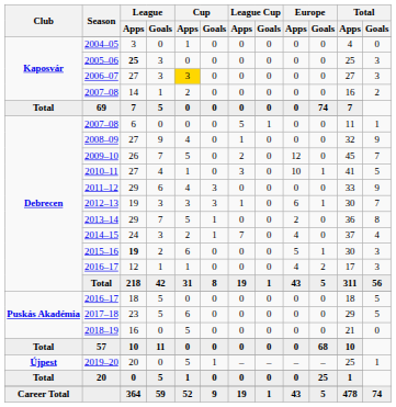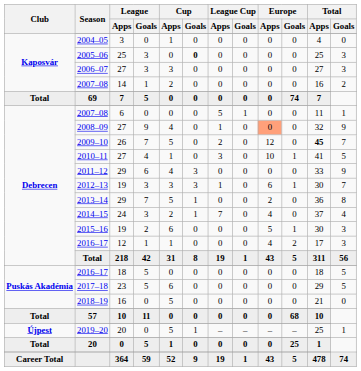 <table class="wikitable" style="font-size:90%; text-align: center;">
 <tr>
 <th rowspan="2">Club</th>
 <th rowspan="2">Season</th>
 <th colspan="2">League</th>
 <th colspan="2">Cup</th>
 <th colspan="2">League Cup</th>
 <th colspan="2">Europe</th>
 <th colspan="2">Total</th>
 </tr>
 <tr>
 <th>Apps</th>
 <th>Goals</th>
 <th>Apps</th>
 <th>Goals</th>
 <th>Apps</th>
 <th>Goals</th>
 <th>Apps</th>
 <th>Goals</th>
 <th>Apps</th>
 <th>Goals</th>
 </tr>
 <tr ||-||-||-|->
 <td rowspan="6" valign="center"><strong><a href='#'>Kaposvár</a></strong></td>
 </tr>
 <tr>
 <td><a href='#'>2004–05</a></td>
 <td>3</td>
 <td>0</td>
 <td>1</td>
 <td>0</td>
 <td>0</td>
 <td>0</td>
 <td>0</td>
 <td>0</td>
 <td>4</td>
 <td>0</td>
 </tr>
 <tr>
 <td><a href='#'>2005–06</a></td>
-<td><strong>25</strong></td>
+<td>25</td>
 <td>3</td>
 <td>0</td>
-<td>0</td>
+<td><strong>0</strong></td>
 <td>0</td>
 <td>0</td>
 <td>0</td>
 <td>0</td>
 <td>25</td>
 <td>3</td>
 </tr>
 <tr>
 <td><a href='#'>2006–07</a></td>
 <td>27</td>
 <td>3</td>
-<td style="background: gold;">3</td>
+<td>3</td>
 <td>0</td>
 <td>0</td>
 <td>0</td>
 <td>0</td>
 <td>0</td>
 <td>27</td>
 <td>3</td>
 </tr>
 <tr>
 <td><a href='#'>2007–08</a></td>
 <td>14</td>
 <td>1</td>
 <td>2</td>
 <td>0</td>
 <td>0</td>
 <td>0</td>
 <td>0</td>
 <td>0</td>
 <td>16</td>
 <td>2</td>
 </tr>
 <tr>
 </tr>
 <tr style="font-weight:bold; background-color:#eeeeee;">
 <td>Total</td>
 <td>69</td>
 <td>7</td>
 <td>5</td>
 <td>0</td>
 <td>0</td>
 <td>0</td>
 <td>0</td>
 <td>0</td>
 <td>74</td>
 <td>7</td>
 </tr>
 <tr>
 <td rowspan="12" valign="center"><strong><a href='#'>Debrecen</a></strong></td>
 </tr>
 <tr>
 <td><a href='#'>2007–08</a></td>
 <td>6</td>
 <td>0</td>
 <td>0</td>
 <td>0</td>
 <td>5</td>
 <td>1</td>
 <td>0</td>
 <td>0</td>
 <td>11</td>
 <td>1</td>
 </tr>
 <tr>
 <td><a href='#'>2008–09</a></td>
 <td>27</td>
 <td>9</td>
 <td>4</td>
 <td>0</td>
 <td>1</td>
 <td>0</td>
-<td>0</td>
+<td style="background: lightsalmon;">0</td>
 <td>0</td>
 <td>32</td>
 <td>9</td>
 </tr>
 <tr>
 <td><a href='#'>2009–10</a></td>
 <td>26</td>
 <td>7</td>
 <td>5</td>
 <td>0</td>
 <td>2</td>
 <td>0</td>
 <td>12</td>
 <td>0</td>
-<td>45</td>
+<td><strong>45</strong></td>
 <td>7</td>
 </tr>
 <tr>
 <td><a href='#'>2010–11</a></td>
 <td>27</td>
 <td>4</td>
 <td>1</td>
 <td>0</td>
 <td>3</td>
 <td>0</td>
 <td>10</td>
 <td>1</td>
 <td>41</td>
 <td>5</td>
 </tr>
 <tr>
 <td><a href='#'>2011–12</a></td>
 <td>29</td>
 <td>6</td>
 <td>4</td>
 <td>3</td>
 <td>0</td>
 <td>0</td>
 <td>0</td>
 <td>0</td>
 <td>33</td>
 <td>9</td>
 </tr>
 <tr>
 <td><a href='#'>2012–13</a></td>
 <td>19</td>
 <td>3</td>
 <td>3</td>
 <td>3</td>
 <td>1</td>
 <td>0</td>
 <td>6</td>
 <td>1</td>
 <td>30</td>
 <td>7</td>
 </tr>
 <tr>
 <td><a href='#'>2013–14</a></td>
 <td>29</td>
 <td>7</td>
 <td>5</td>
 <td>1</td>
 <td>0</td>
 <td>0</td>
 <td>2</td>
 <td>0</td>
 <td>36</td>
 <td>8</td>
 </tr>
 <tr>
 <td><a href='#'>2014–15</a></td>
 <td>24</td>
 <td>3</td>
 <td>2</td>
 <td>1</td>
 <td>7</td>
 <td>0</td>
 <td>4</td>
 <td>0</td>
 <td>37</td>
 <td>4</td>
 </tr>
 <tr>
 <td><a href='#'>2015–16</a></td>
-<td><strong>19</strong></td>
+<td>19</td>
 <td>2</td>
 <td>6</td>
 <td>0</td>
 <td>0</td>
 <td>0</td>
 <td>5</td>
 <td>1</td>
 <td>30</td>
 <td>3</td>
 </tr>
 <tr>
 <td><a href='#'>2016–17</a></td>
 <td>12</td>
 <td>1</td>
 <td>1</td>
 <td>0</td>
 <td>0</td>
 <td>0</td>
 <td>4</td>
 <td>2</td>
 <td>17</td>
 <td>3</td>
 </tr>
 <tr style="font-weight:bold; background-color:#eeeeee;">
 <td>Total</td>
 <td>218</td>
 <td>42</td>
 <td>31</td>
 <td>8</td>
 <td>19</td>
 <td>1</td>
 <td>43</td>
 <td>5</td>
 <td>311</td>
 <td>56</td>
 </tr>
 <tr>
 <td rowspan="5" valign="center"><strong><a href='#'>Puskás Akadémia</a></strong></td>
 </tr>
 <tr>
 <td><a href='#'>2016–17</a></td>
 <td>18</td>
 <td>5</td>
 <td>0</td>
 <td>0</td>
 <td>0</td>
 <td>0</td>
 <td>0</td>
 <td>0</td>
 <td>18</td>
 <td>5</td>
 </tr>
 <tr>
 <td><a href='#'>2017–18</a></td>
 <td>23</td>
 <td>5</td>
 <td>6</td>
 <td>0</td>
 <td>0</td>
 <td>0</td>
 <td>0</td>
 <td>0</td>
 <td>29</td>
 <td>5</td>
 </tr>
 <tr>
 <td><a href='#'>2018–19</a></td>
 <td>16</td>
 <td>0</td>
 <td>5</td>
 <td>0</td>
 <td>0</td>
 <td>0</td>
 <td>0</td>
 <td>0</td>
 <td>21</td>
 <td>0</td>
 </tr>
 <tr>
 </tr>
 <tr style="font-weight:bold; background-color:#eeeeee;">
 <td>Total</td>
 <td>57</td>
 <td>10</td>
 <td>11</td>
 <td>0</td>
 <td>0</td>
 <td>0</td>
 <td>0</td>
 <td>0</td>
 <td>68</td>
 <td>10</td>
 </tr>
 <tr>
 <td rowspan="3" valign="center"><strong><a href='#'>Újpest</a></strong></td>
 </tr>
 <tr>
 <td><a href='#'>2019–20</a></td>
 <td>20</td>
 <td>0</td>
 <td>5</td>
 <td>1</td>
 <td>–</td>
 <td>–</td>
 <td>–</td>
 <td>–</td>
 <td>25</td>
 <td>1</td>
 </tr>
 <tr>
 </tr>
 <tr style="font-weight:bold; background-color:#eeeeee;">
 <td>Total</td>
 <td>20</td>
 <td>0</td>
 <td>5</td>
 <td>1</td>
 <td>0</td>
 <td>0</td>
 <td>0</td>
 <td>0</td>
 <td>25</td>
 <td>1</td>
 </tr>
 <tr>
 </tr>
 <tr style="font-weight:bold; background-color:#eeeeee;">
 <td rowspan="2" valign="top"><strong>Career Total</strong></td>
 <td></td>
 <td><strong>364</strong></td>
 <td><strong>59</strong></td>
 <td><strong>52</strong></td>
 <td><strong>9</strong></td>
 <td><strong>19</strong></td>
 <td><strong>1</strong></td>
 <td><strong>43</strong></td>
 <td><strong>5</strong></td>
 <td><strong>478</strong></td>
 <td><strong>74</strong></td>
 </tr>
 </table>
